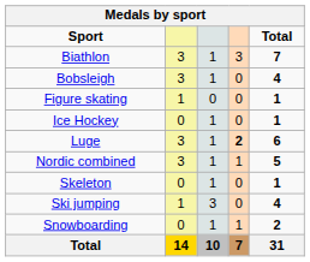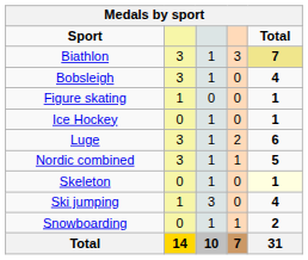 <table class="wikitable" style="font-size:85%; float:right; clear:right; min-width:308px">
 <tr style="background:#efefef;">
 <th colspan=5>Medals by sport</th>
 </tr>
 <tr align=center>
 <td><strong>Sport</strong></td>
 <td bgcolor=#f7f6a8></td>
 <td bgcolor=#dce5e5></td>
 <td bgcolor=#ffdab9></td>
 <td><strong>Total</strong></td>
 </tr>
 <tr align=center>
 <td><a href='#'>Biathlon</a></td>
 <td style="background:#F7F6A8;">3</td>
 <td style="background:#DCE5E5;">1</td>
 <td style="background:#FFDAB9;">3</td>
-<td><strong>7</strong></td>
+<td style="background: khaki;"><strong>7</strong></td>
 </tr>
 <tr align=center>
 <td><a href='#'>Bobsleigh</a></td>
 <td style="background:#F7F6A8;">3</td>
 <td style="background:#DCE5E5;">1</td>
 <td style="background:#FFDAB9;">0</td>
 <td><strong>4</strong></td>
 </tr>
 <tr align=center>
 <td><a href='#'>Figure skating</a></td>
 <td style="background:#F7F6A8;">1</td>
 <td style="background:#DCE5E5;">0</td>
 <td style="background:#FFDAB9;">0</td>
 <td><strong>1</strong></td>
 </tr>
 <tr align=center>
 <td><a href='#'>Ice Hockey</a></td>
 <td style="background:#F7F6A8;">0</td>
 <td style="background:#DCE5E5;">1</td>
 <td style="background:#FFDAB9;">0</td>
 <td><strong>1</strong></td>
 </tr>
 <tr align=center>
 <td><a href='#'>Luge</a></td>
 <td style="background:#F7F6A8;">3</td>
 <td style="background:#DCE5E5;">1</td>
-<td style="background:#FFDAB9;"><strong>2</strong></td>
+<td style="background:#FFDAB9;">2</td>
 <td><strong>6</strong></td>
 </tr>
 <tr align=center>
 <td><a href='#'>Nordic combined</a></td>
 <td style="background:#F7F6A8;">3</td>
 <td style="background:#DCE5E5;">1</td>
 <td style="background:#FFDAB9;">1</td>
 <td><strong>5</strong></td>
 </tr>
 <tr align=center>
 <td><a href='#'>Skeleton</a></td>
 <td style="background:#F7F6A8;">0</td>
 <td style="background:#DCE5E5;">1</td>
 <td style="background:#FFDAB9;">0</td>
-<td><strong>1</strong></td>
+<td style="background: lightyellow;"><strong>1</strong></td>
 </tr>
 <tr align=center>
 <td><a href='#'>Ski jumping</a></td>
 <td style="background:#F7F6A8;">1</td>
 <td style="background:#DCE5E5;">3</td>
 <td style="background:#FFDAB9;">0</td>
 <td><strong>4</strong></td>
 </tr>
 <tr align=center>
 <td><a href='#'>Snowboarding</a></td>
 <td style="background:#F7F6A8;">0</td>
 <td style="background:#DCE5E5;">1</td>
 <td style="background:#FFDAB9;">1</td>
 <td><strong>2</strong></td>
 </tr>
 <tr align=center>
 <th>Total</th>
 <th style="background:gold;">14</th>
 <th style="background:silver;">10</th>
 <th style="background:#c96;">7</th>
 <th>31</th>
 </tr>
 </table>
